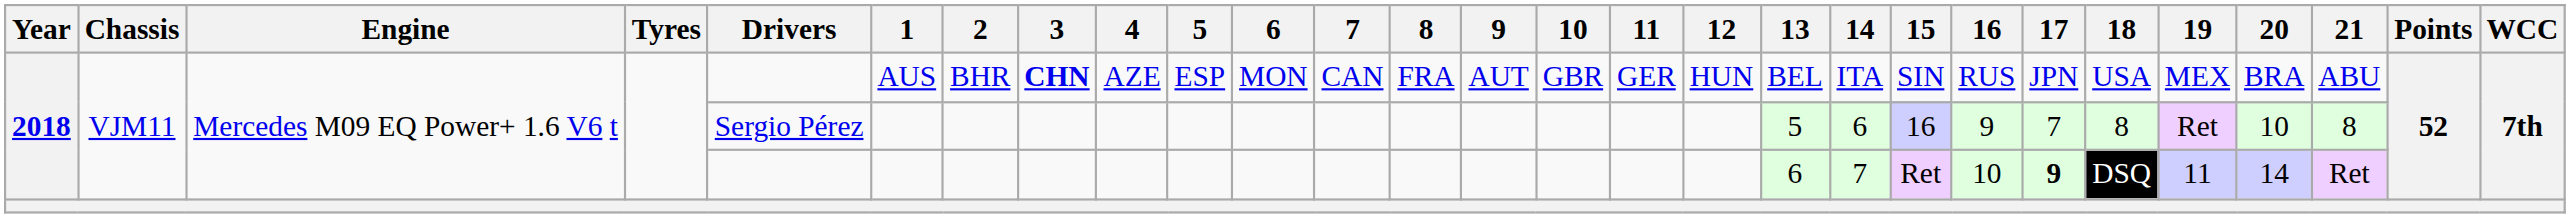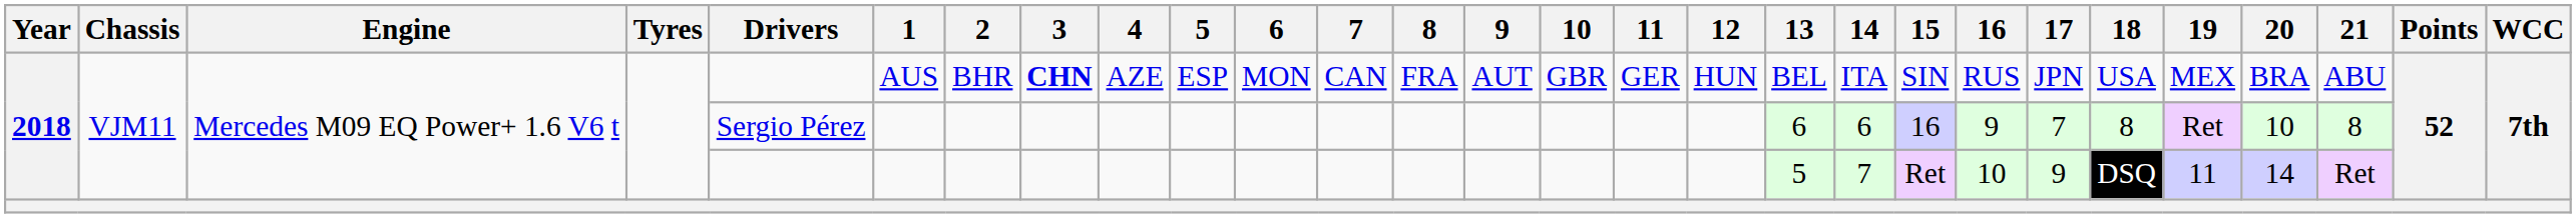 <table class="wikitable" style="text-align:center; font-size:85%">
 <tr>
 <th>Year</th>
 <th>Chassis</th>
 <th>Engine</th>
 <th>Tyres</th>
 <th>Drivers</th>
 <th>1</th>
 <th>2</th>
 <th>3</th>
 <th>4</th>
 <th>5</th>
 <th>6</th>
 <th>7</th>
 <th>8</th>
 <th>9</th>
 <th>10</th>
 <th>11</th>
 <th>12</th>
 <th>13</th>
 <th>14</th>
 <th>15</th>
 <th>16</th>
 <th>17</th>
 <th>18</th>
 <th>19</th>
 <th>20</th>
 <th>21</th>
 <th>Points</th>
 <th>WCC</th>
 </tr>
 <tr>
 <th rowspan="3"><a href='#'>2018</a></th>
 <td rowspan="3"><a href='#'>VJM11</a></td>
 <td rowspan="3"><a href='#'>Mercedes</a> M09 EQ Power+ 1.6 <a href='#'>V6</a> <a href='#'>t</a></td>
 <td rowspan="3"></td>
 <td></td>
 <td><a href='#'>AUS</a></td>
 <td><a href='#'>BHR</a></td>
 <td><strong><a href='#'>CHN</a></strong></td>
 <td><a href='#'>AZE</a></td>
 <td><a href='#'>ESP</a></td>
 <td><a href='#'>MON</a></td>
 <td><a href='#'>CAN</a></td>
 <td><a href='#'>FRA</a></td>
 <td><a href='#'>AUT</a></td>
 <td><a href='#'>GBR</a></td>
 <td><a href='#'>GER</a></td>
 <td><a href='#'>HUN</a></td>
 <td><a href='#'>BEL</a></td>
 <td><a href='#'>ITA</a></td>
 <td><a href='#'>SIN</a></td>
 <td><a href='#'>RUS</a></td>
 <td><a href='#'>JPN</a></td>
 <td><a href='#'>USA</a></td>
 <td><a href='#'>MEX</a></td>
 <td><a href='#'>BRA</a></td>
 <td><a href='#'>ABU</a></td>
 <th rowspan="3">52</th>
 <th rowspan="3">7th</th>
 </tr>
 <tr>
 <td align="left"> <a href='#'>Sergio Pérez</a></td>
 <td></td>
 <td></td>
 <td></td>
 <td></td>
 <td></td>
 <td></td>
 <td></td>
 <td></td>
 <td></td>
 <td></td>
 <td></td>
 <td></td>
-<td style="background:#dfffdf;">5</td>
+<td style="background:#dfffdf;">6</td>
 <td style="background:#dfffdf;">6</td>
 <td style="background:#CFCFFF;">16</td>
 <td style="background:#dfffdf;">9</td>
 <td style="background:#dfffdf;">7</td>
 <td style="background:#dfffdf;">8</td>
 <td style="background:#EFCFFF;">Ret</td>
 <td style="background:#dfffdf;">10</td>
 <td style="background:#dfffdf;">8</td>
 </tr>
 <tr>
 <td align="left"></td>
 <td></td>
 <td></td>
 <td></td>
 <td></td>
 <td></td>
 <td></td>
 <td></td>
 <td></td>
 <td></td>
 <td></td>
 <td></td>
 <td></td>
-<td style="background:#dfffdf;">6</td>
+<td style="background:#dfffdf;">5</td>
 <td style="background:#dfffdf;">7</td>
 <td style="background:#EFCFFF;">Ret</td>
 <td style="background:#dfffdf;">10</td>
-<td style="background:#dfffdf;"><strong>9</strong></td>
+<td style="background:#dfffdf;">9</td>
 <td style="background:#000000; color:white">DSQ</td>
 <td style="background:#CFCFFF;">11</td>
 <td style="background:#CFCFFF;">14</td>
 <td style="background:#EFCFFF;">Ret</td>
 </tr>
 <tr>
 <th colspan="28"></th>
 </tr>
 </table>
